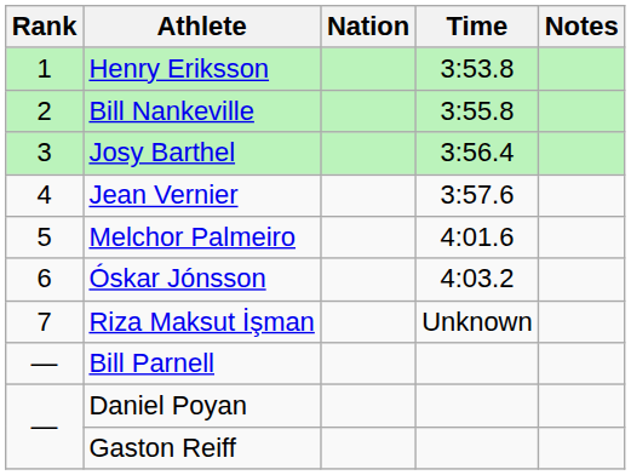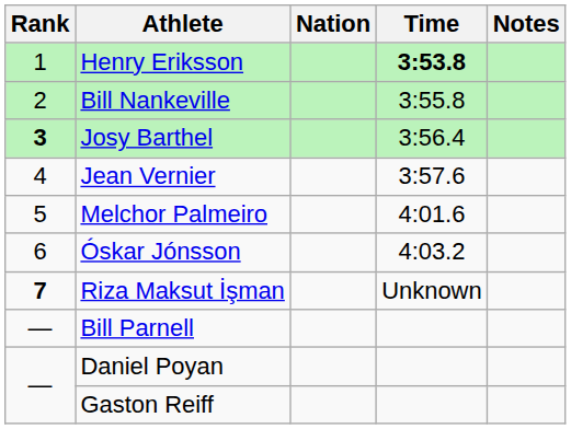 <table class="wikitable sortable" style="text-align:center">
 <tr>
 <th>Rank</th>
 <th>Athlete</th>
 <th>Nation</th>
 <th>Time</th>
 <th>Notes</th>
 </tr>
 <tr bgcolor=bbf3bb>
 <td>1</td>
 <td align=left><a href='#'>Henry Eriksson</a></td>
 <td align=left></td>
-<td>3:53.8</td>
+<td><strong>3:53.8</strong></td>
 <td></td>
 </tr>
 <tr bgcolor=bbf3bb>
 <td>2</td>
 <td align=left><a href='#'>Bill Nankeville</a></td>
 <td align=left></td>
 <td>3:55.8</td>
 <td></td>
 </tr>
 <tr bgcolor=bbf3bb>
-<td>3</td>
+<td><strong>3</strong></td>
 <td align=left><a href='#'>Josy Barthel</a></td>
 <td align=left></td>
 <td>3:56.4</td>
 <td></td>
 </tr>
 <tr>
 <td>4</td>
 <td align=left><a href='#'>Jean Vernier</a></td>
 <td align=left></td>
 <td>3:57.6</td>
 <td></td>
 </tr>
 <tr>
 <td>5</td>
 <td align=left><a href='#'>Melchor Palmeiro</a></td>
 <td align=left></td>
 <td>4:01.6</td>
 <td></td>
 </tr>
 <tr>
 <td>6</td>
 <td align=left><a href='#'>Óskar Jónsson</a></td>
 <td align=left></td>
 <td>4:03.2</td>
 <td></td>
 </tr>
 <tr>
-<td>7</td>
+<td><strong>7</strong></td>
 <td align=left><a href='#'>Riza Maksut İşman</a></td>
 <td align=left></td>
 <td data-sort-value=5:00.0>Unknown</td>
 <td></td>
 </tr>
 <tr>
 <td data-sort-value=8>—</td>
 <td align=left><a href='#'>Bill Parnell</a></td>
 <td align=left></td>
 <td data-sort-value=6:00.0></td>
 <td></td>
 </tr>
 <tr>
 <td rowspan=2 data-sort-value=9>—</td>
 <td align=left>Daniel Poyan</td>
 <td align=left></td>
 <td data-sort-value=9:99.9></td>
 <td></td>
 </tr>
 <tr>
 <td align=left>Gaston Reiff</td>
 <td align=left></td>
 <td data-sort-value=9:99.9></td>
 <td></td>
 </tr>
 </table>
